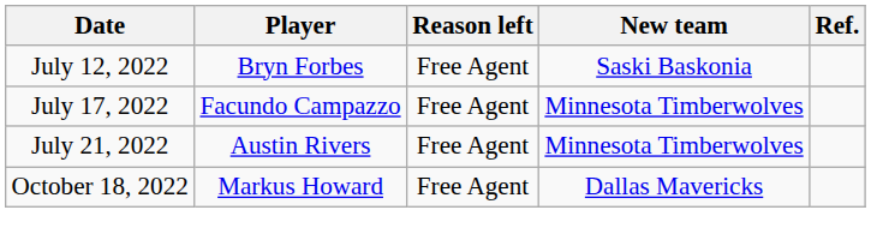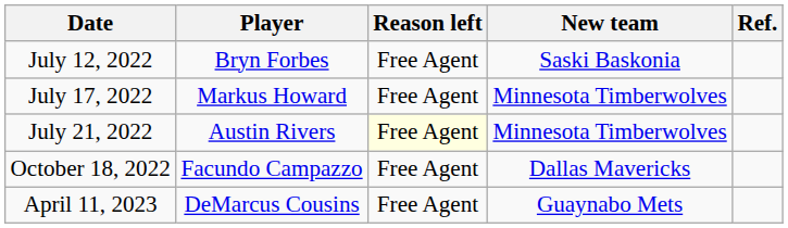 <table class="wikitable sortable sortable" style="text-align: center">
 <tr>
 <th>Date</th>
 <th>Player</th>
 <th>Reason left</th>
 <th>New team</th>
 <th>Ref.</th>
 </tr>
 <tr>
 <td>July 12, 2022</td>
 <td><a href='#'>Bryn Forbes</a></td>
 <td>Free Agent</td>
 <td><a href='#'>Saski Baskonia</a> </td>
 <td></td>
 </tr>
 <tr>
 <td>July 17, 2022</td>
-<td><a href='#'>Facundo Campazzo</a></td>
+<td><a href='#'>Markus Howard</a></td>
 <td>Free Agent</td>
 <td><a href='#'>Minnesota Timberwolves</a></td>
 <td></td>
 </tr>
 <tr>
 <td>July 21, 2022</td>
 <td><a href='#'>Austin Rivers</a></td>
-<td>Free Agent</td>
+<td style="background: lightyellow;">Free Agent</td>
 <td><a href='#'>Minnesota Timberwolves</a></td>
 <td></td>
 </tr>
 <tr>
 <td>October 18, 2022</td>
-<td><a href='#'>Markus Howard</a></td>
+<td><a href='#'>Facundo Campazzo</a></td>
 <td>Free Agent</td>
 <td><a href='#'>Dallas Mavericks</a></td>
 <td></td>
 </tr>
+<tr>
+<td>April 11, 2023</td>
+<td><a href='#'>DeMarcus Cousins</a></td>
+<td>Free Agent</td>
+<td><a href='#'>Guaynabo Mets</a> </td>
+<td></td>
+</tr>
 </table>
